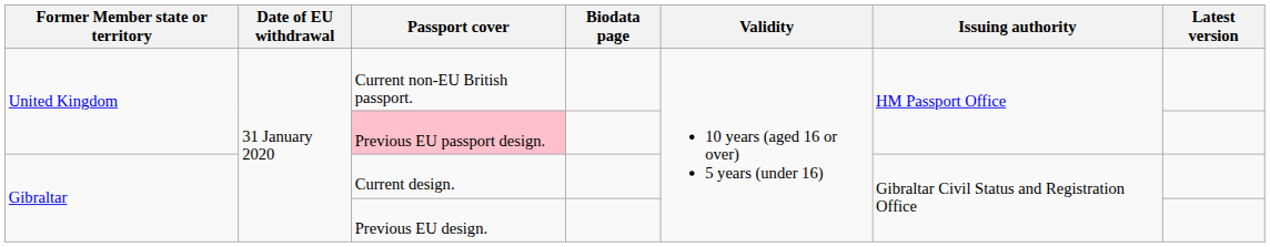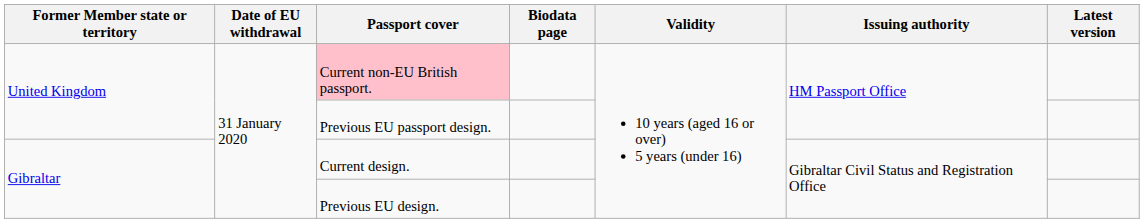 <table class="wikitable">
 <tr>
 <th>Former Member state or territory</th>
 <th>Date of EU<br>withdrawal</th>
 <th class="unsortable">Passport cover</th>
 <th class="unsortable">Biodata page</th>
 <th data-sort-type="number">Validity</th>
 <th class="unsortable">Issuing authority</th>
 <th data-sort-type="date">Latest version</th>
 </tr>
 <tr>
 <td rowspan="2"> <a href='#'>United Kingdom</a></td>
 <td rowspan="4">31 January 2020</td>
-<td><br>Current non-EU British passport.</td>
+<td style="background: pink;"><br>Current non-EU British passport.</td>
 <td></td>
 <td rowspan="4"><br><ul><li>10 years (aged 16 or over)</li><li>5 years (under 16)</li></ul></td>
 <td rowspan="2"><a href='#'>HM Passport Office</a></td>
 <td></td>
 </tr>
 <tr>
-<td style="background: pink;"><br>Previous EU passport design.</td>
+<td><br>Previous EU passport design.</td>
 <td></td>
 <td></td>
 </tr>
 <tr>
 <td rowspan="2">  <a href='#'>Gibraltar</a></td>
 <td><br>Current design.</td>
 <td></td>
 <td rowspan="2">Gibraltar Civil Status and Registration Office</td>
 <td></td>
 </tr>
 <tr>
 <td><br>Previous EU design.</td>
 <td></td>
 <td></td>
 </tr>
 </table>
